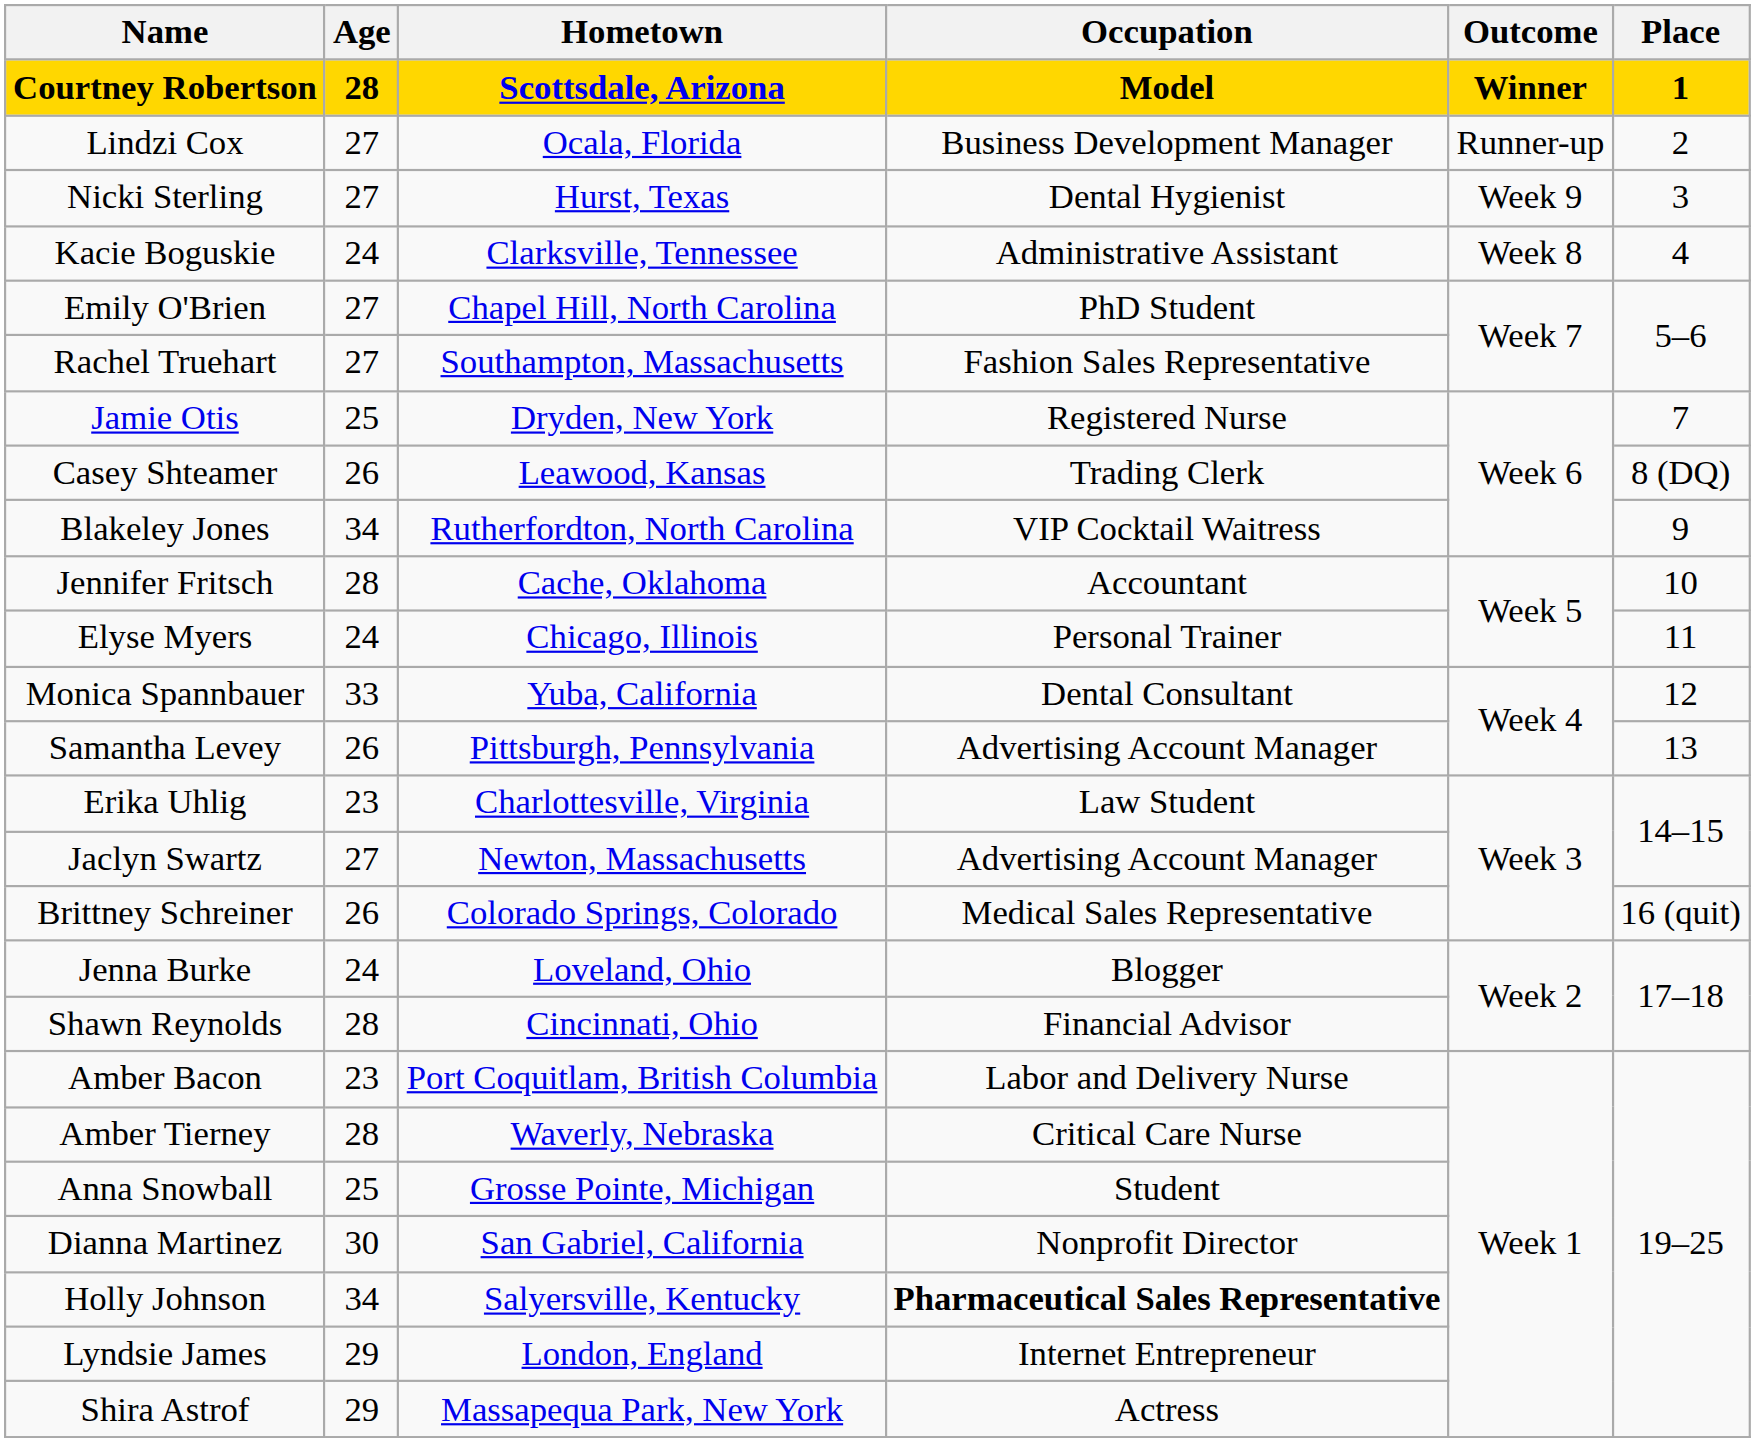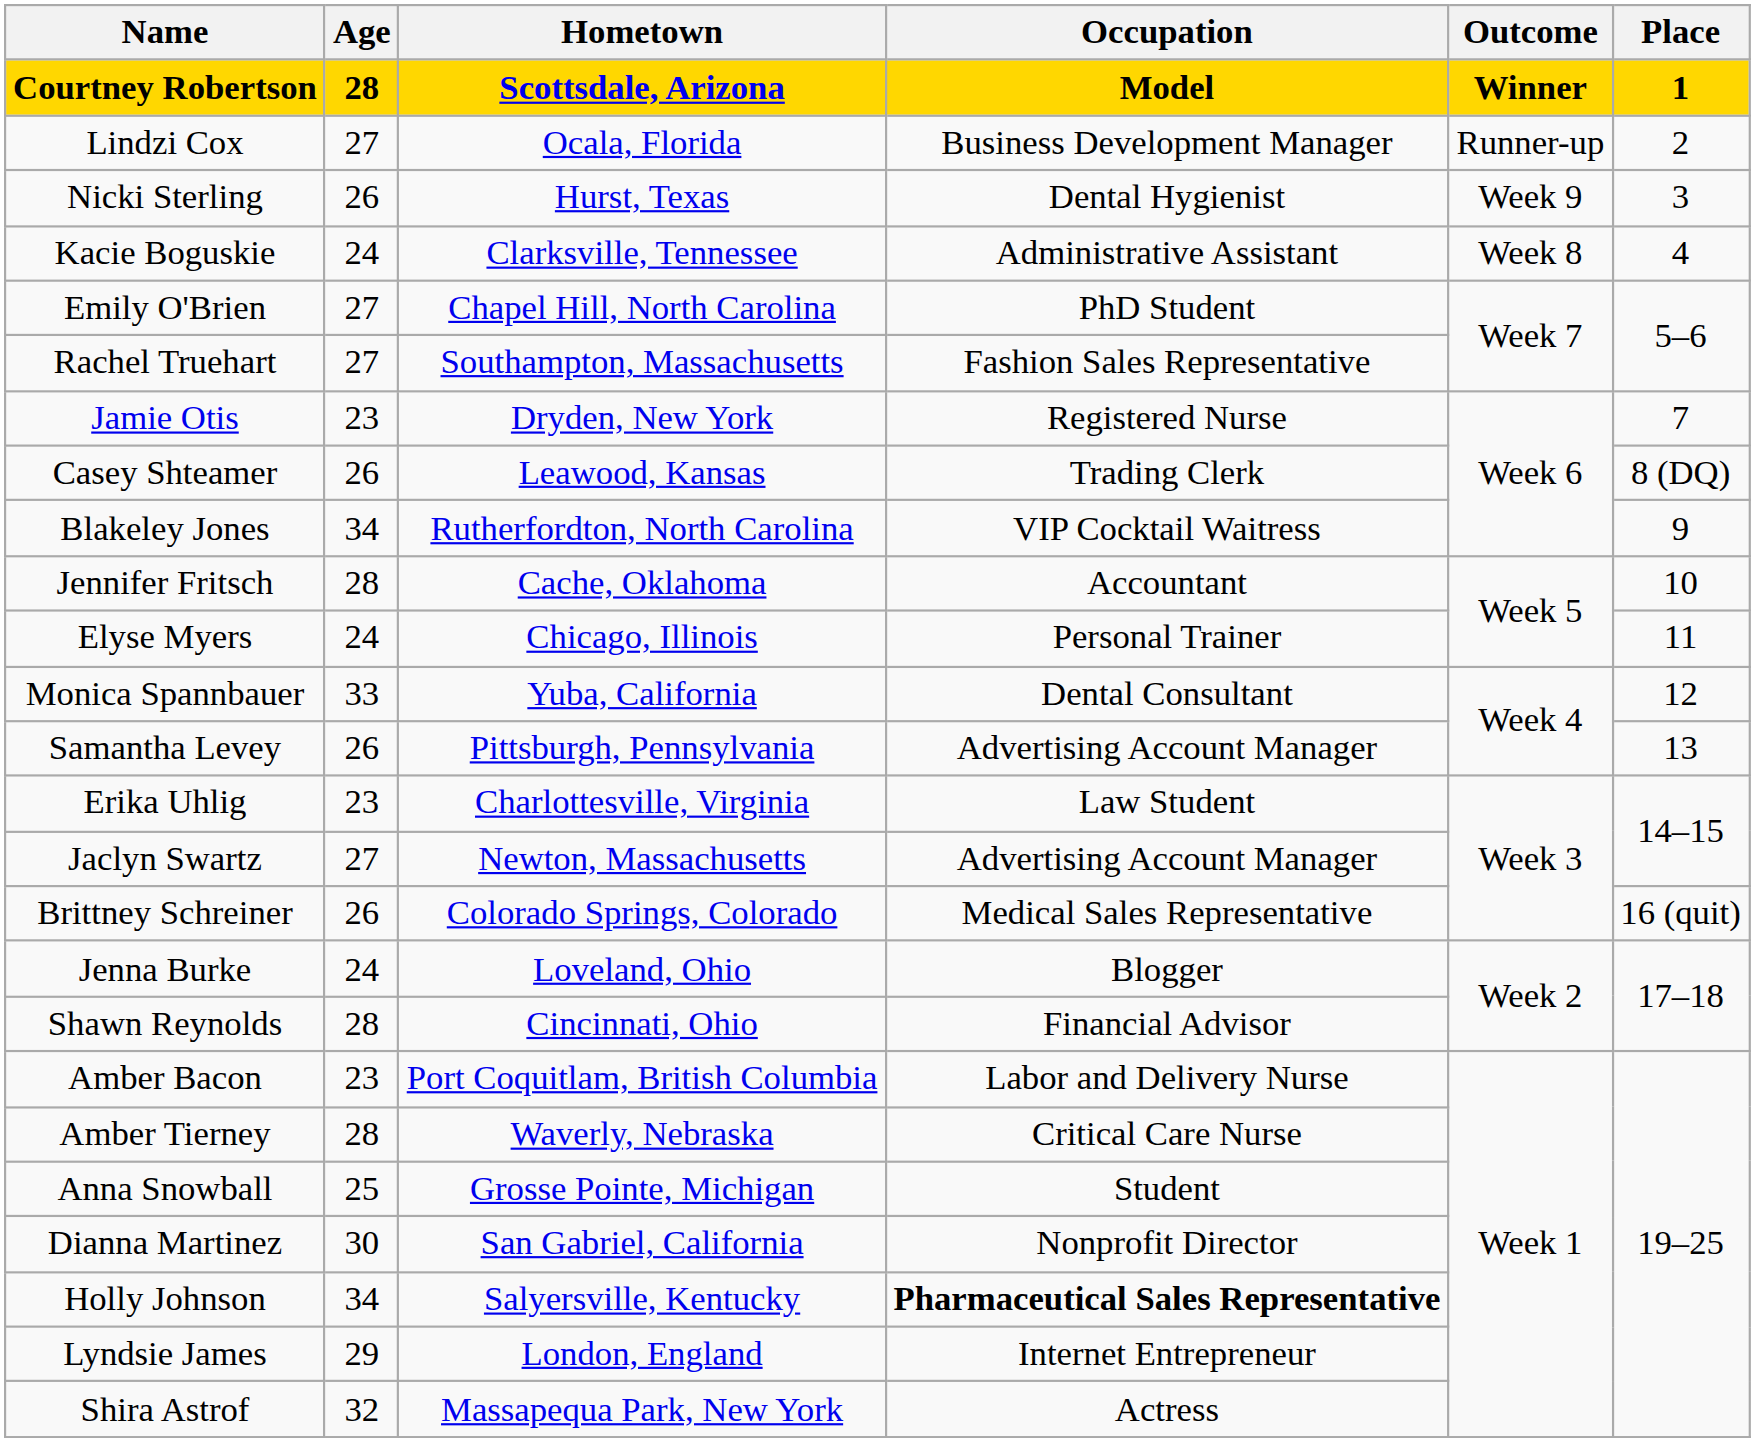 <table class="wikitable sortable" style="text-align:center;">
 <tr>
 <th>Name</th>
 <th>Age</th>
 <th>Hometown</th>
 <th>Occupation</th>
 <th>Outcome</th>
 <th>Place</th>
 </tr>
 <tr bgcolor="gold">
 <td><strong>Courtney Robertson</strong></td>
 <td><strong>28</strong></td>
 <td><strong><a href='#'>Scottsdale, Arizona</a></strong></td>
 <td><strong>Model</strong></td>
 <td><strong>Winner</strong></td>
 <td><strong>1</strong></td>
 </tr>
 <tr>
 <td>Lindzi Cox</td>
 <td>27</td>
 <td><a href='#'>Ocala, Florida</a></td>
 <td>Business Development Manager</td>
 <td>Runner-up</td>
 <td>2</td>
 </tr>
 <tr>
 <td>Nicki Sterling</td>
-<td>27</td>
+<td>26</td>
 <td><a href='#'>Hurst, Texas</a></td>
 <td>Dental Hygienist</td>
 <td>Week 9</td>
 <td>3</td>
 </tr>
 <tr>
 <td>Kacie Boguskie</td>
 <td>24</td>
 <td><a href='#'>Clarksville, Tennessee</a></td>
 <td>Administrative Assistant</td>
 <td>Week 8</td>
 <td>4</td>
 </tr>
 <tr>
 <td>Emily O'Brien</td>
 <td>27</td>
 <td><a href='#'>Chapel Hill, North Carolina</a></td>
 <td>PhD Student</td>
 <td rowspan="2">Week 7</td>
 <td rowspan="2">5–6</td>
 </tr>
 <tr>
 <td>Rachel Truehart</td>
 <td>27</td>
 <td><a href='#'>Southampton, Massachusetts</a></td>
 <td>Fashion Sales Representative</td>
 </tr>
 <tr>
 <td><a href='#'>Jamie Otis</a></td>
-<td>25</td>
+<td>23</td>
 <td><a href='#'>Dryden, New York</a></td>
 <td>Registered Nurse</td>
 <td rowspan="3">Week 6</td>
 <td>7</td>
 </tr>
 <tr>
 <td>Casey Shteamer</td>
 <td>26</td>
 <td><a href='#'>Leawood, Kansas</a></td>
 <td>Trading Clerk</td>
 <td>8 (DQ)</td>
 </tr>
 <tr>
 <td>Blakeley Jones </td>
 <td>34</td>
 <td><a href='#'>Rutherfordton, North Carolina</a></td>
 <td>VIP Cocktail Waitress</td>
 <td>9</td>
 </tr>
 <tr>
 <td>Jennifer Fritsch</td>
 <td>28</td>
 <td><a href='#'>Cache, Oklahoma</a></td>
 <td>Accountant</td>
 <td rowspan="2">Week 5</td>
 <td>10</td>
 </tr>
 <tr>
 <td>Elyse Myers</td>
 <td>24</td>
 <td><a href='#'>Chicago, Illinois</a></td>
 <td>Personal Trainer</td>
 <td>11</td>
 </tr>
 <tr>
 <td>Monica Spannbauer</td>
 <td>33</td>
 <td><a href='#'>Yuba, California</a></td>
 <td>Dental Consultant</td>
 <td rowspan="2">Week 4</td>
 <td>12</td>
 </tr>
 <tr>
 <td>Samantha Levey</td>
 <td>26</td>
 <td><a href='#'>Pittsburgh, Pennsylvania</a></td>
 <td>Advertising Account Manager</td>
 <td>13</td>
 </tr>
 <tr>
 <td>Erika Uhlig</td>
 <td>23</td>
 <td><a href='#'>Charlottesville, Virginia</a></td>
 <td>Law Student</td>
 <td rowspan="3">Week 3</td>
 <td rowspan="2">14–15</td>
 </tr>
 <tr>
 <td>Jaclyn Swartz</td>
 <td>27</td>
 <td><a href='#'>Newton, Massachusetts</a></td>
 <td>Advertising Account Manager</td>
 </tr>
 <tr>
 <td>Brittney Schreiner</td>
 <td>26</td>
 <td><a href='#'>Colorado Springs, Colorado</a></td>
 <td>Medical Sales Representative</td>
 <td>16 (quit)</td>
 </tr>
 <tr>
 <td>Jenna Burke</td>
 <td>24</td>
 <td><a href='#'>Loveland, Ohio</a></td>
 <td>Blogger</td>
 <td rowspan="2">Week 2</td>
 <td rowspan="2">17–18</td>
 </tr>
 <tr>
 <td>Shawn Reynolds</td>
 <td>28</td>
 <td><a href='#'>Cincinnati, Ohio</a></td>
 <td>Financial Advisor</td>
 </tr>
 <tr>
 <td>Amber Bacon</td>
 <td>23</td>
 <td><a href='#'>Port Coquitlam, British Columbia</a></td>
 <td>Labor and Delivery Nurse</td>
 <td rowspan="7">Week 1</td>
 <td rowspan="7">19–25</td>
 </tr>
 <tr>
 <td>Amber Tierney</td>
 <td>28</td>
 <td><a href='#'>Waverly, Nebraska</a></td>
 <td>Critical Care Nurse</td>
 </tr>
 <tr>
 <td>Anna Snowball</td>
 <td>25</td>
 <td><a href='#'>Grosse Pointe, Michigan</a></td>
 <td>Student</td>
 </tr>
 <tr>
 <td>Dianna Martinez</td>
 <td>30</td>
 <td><a href='#'>San Gabriel, California</a></td>
 <td>Nonprofit Director</td>
 </tr>
 <tr>
 <td>Holly Johnson</td>
 <td>34</td>
 <td><a href='#'>Salyersville, Kentucky</a></td>
 <td><strong>Pharmaceutical Sales Representative</strong></td>
 </tr>
 <tr>
 <td>Lyndsie James</td>
 <td>29</td>
 <td><a href='#'>London, England</a></td>
 <td>Internet Entrepreneur</td>
 </tr>
 <tr>
 <td>Shira Astrof</td>
-<td>29</td>
+<td>32</td>
 <td><a href='#'>Massapequa Park, New York</a></td>
 <td>Actress</td>
 </tr>
 <tr>
 </tr>
 </table>
